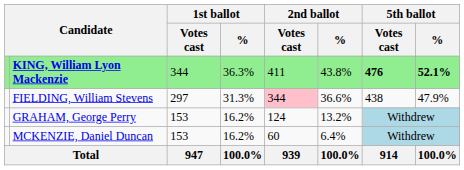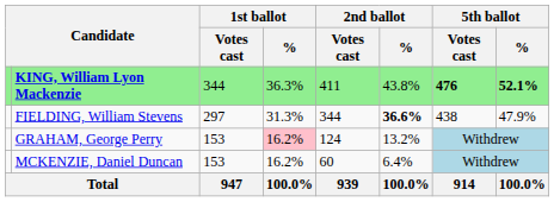 <table class="wikitable">
 <tr>
 <th rowspan="2" colspan="2">Candidate</th>
 <th colspan="2">1st ballot</th>
 <th colspan="2">2nd ballot</th>
 <th colspan="2">5th ballot</th>
 </tr>
 <tr>
 <th>Votes cast</th>
 <th>%</th>
 <th>Votes cast</th>
 <th>%</th>
 <th>Votes cast</th>
 <th>%</th>
 </tr>
 <tr style="background:lightgreen;">
 <td></td>
 <td><strong><a href='#'>KING, William Lyon Mackenzie</a></strong></td>
 <td>344</td>
 <td>36.3%</td>
 <td>411</td>
 <td>43.8%</td>
 <td><strong>476</strong></td>
 <td><strong>52.1%</strong></td>
 </tr>
 <tr>
 <td></td>
 <td><a href='#'>FIELDING, William Stevens</a></td>
 <td>297</td>
 <td>31.3%</td>
-<td style="background: pink;">344</td>
-<td>36.6%</td>
+<td>344</td>
+<td><strong>36.6%</strong></td>
 <td>438</td>
 <td>47.9%</td>
 </tr>
 <tr>
 <td></td>
 <td><a href='#'>GRAHAM, George Perry</a></td>
 <td>153</td>
-<td>16.2%</td>
+<td style="background: pink;">16.2%</td>
 <td>124</td>
 <td>13.2%</td>
 <td style="text-align:center; background:lightblue;" colspan="2">Withdrew</td>
 </tr>
 <tr>
 <td></td>
 <td><a href='#'>MCKENZIE, Daniel Duncan</a></td>
 <td>153</td>
 <td>16.2%</td>
 <td>60</td>
 <td>6.4%</td>
 <td style="text-align:center; background:lightblue;" colspan="2">Withdrew</td>
 </tr>
 <tr>
 <th colspan="2">Total</th>
 <th>947</th>
 <th>100.0%</th>
 <th>939</th>
 <th>100.0%</th>
 <th>914</th>
 <th>100.0%</th>
 </tr>
 </table>
